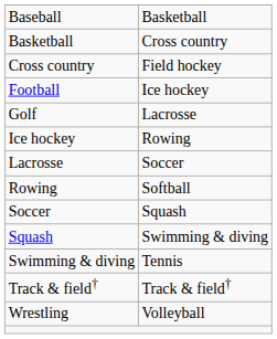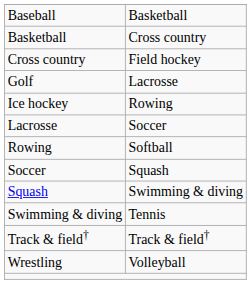 <table class="wikitable" style=" ">
 <tr>
 </tr>
 <tr>
 <td>Baseball</td>
 <td>Basketball</td>
 </tr>
 <tr>
 <td>Basketball</td>
 <td>Cross country</td>
 </tr>
 <tr>
 <td>Cross country</td>
 <td>Field hockey</td>
-</tr>
-<tr>
-<td><a href='#'>Football</a></td>
-<td>Ice hockey</td>
 </tr>
 <tr>
 <td>Golf</td>
 <td>Lacrosse</td>
 </tr>
 <tr>
 <td>Ice hockey</td>
 <td>Rowing</td>
 </tr>
 <tr>
 <td>Lacrosse</td>
 <td>Soccer</td>
 </tr>
 <tr>
 <td>Rowing</td>
 <td>Softball</td>
 </tr>
 <tr>
 <td>Soccer</td>
 <td>Squash</td>
 </tr>
 <tr>
 <td><a href='#'>Squash</a></td>
 <td>Swimming & diving</td>
 </tr>
 <tr>
 <td>Swimming & diving</td>
 <td>Tennis</td>
 </tr>
 <tr>
 <td>Track & field<sup>†</sup></td>
 <td>Track & field<sup>†</sup></td>
 </tr>
 <tr>
 <td>Wrestling</td>
 <td>Volleyball</td>
 </tr>
 <tr>
 <td colspan="2"></td>
 </tr>
 </table>
